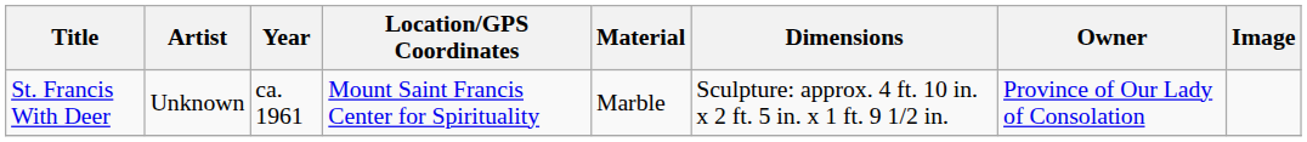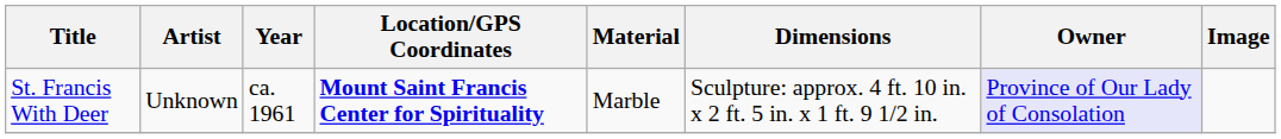 <table class="wikitable sortable">
 <tr>
 <th>Title</th>
 <th>Artist</th>
 <th>Year</th>
 <th>Location/GPS Coordinates</th>
 <th>Material</th>
 <th>Dimensions</th>
 <th>Owner</th>
 <th>Image</th>
 </tr>
 <tr>
 <td><a href='#'>St. Francis With Deer</a></td>
 <td>Unknown</td>
 <td>ca. 1961</td>
-<td><a href='#'>Mount Saint Francis Center for Spirituality</a></td>
+<td><strong><a href='#'>Mount Saint Francis Center for Spirituality</a></strong></td>
 <td>Marble</td>
 <td>Sculpture: approx. 4 ft. 10 in. x 2 ft. 5 in. x 1 ft. 9 1/2 in.</td>
-<td><a href='#'>Province of Our Lady of Consolation</a></td>
+<td style="background: lavender;"><a href='#'>Province of Our Lady of Consolation</a></td>
 <td></td>
 </tr>
 <tr>
 </tr>
 </table>
